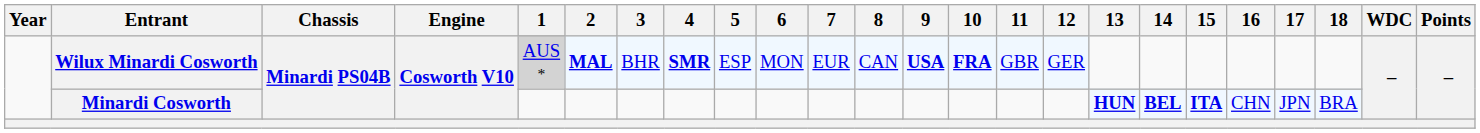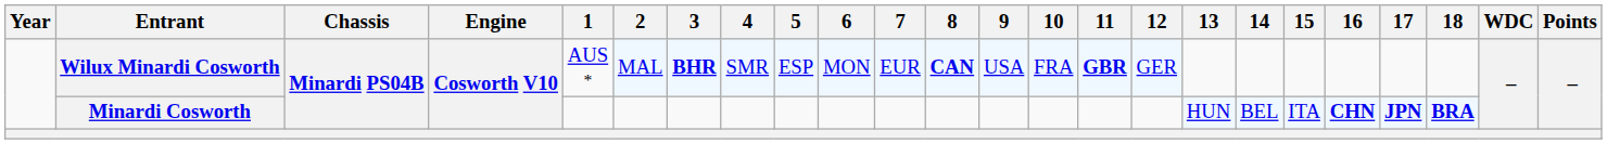 <table class="wikitable" style="text-align:center; font-size:90%">
 <tr>
 <th>Year</th>
 <th>Entrant</th>
 <th>Chassis</th>
 <th>Engine</th>
 <th>1</th>
 <th>2</th>
 <th>3</th>
 <th>4</th>
 <th>5</th>
 <th>6</th>
 <th>7</th>
 <th>8</th>
 <th>9</th>
 <th>10</th>
 <th>11</th>
 <th>12</th>
 <th>13</th>
 <th>14</th>
 <th>15</th>
 <th>16</th>
 <th>17</th>
 <th>18</th>
 <th>WDC</th>
 <th>Points</th>
 </tr>
 <tr>
 <td rowspan=2></td>
 <th><a href='#'>Wilux Minardi Cosworth</a></th>
 <th rowspan=2><a href='#'>Minardi</a> <a href='#'>PS04B</a></th>
 <th rowspan=2><a href='#'>Cosworth</a> <a href='#'>V10</a></th>
-<td style="background: lightgrey;"><a href='#'>AUS</a><br><small>*</small></td>
-<td style="background:#F0F8FF;"><strong><a href='#'>MAL</a><br></strong></td>
-<td style="background:#F0F8FF;"><a href='#'>BHR</a><br></td>
-<td style="background:#F0F8FF;"><strong><a href='#'>SMR</a><br></strong></td>
+<td><a href='#'>AUS</a><br><small>*</small></td>
+<td style="background:#F0F8FF;"><a href='#'>MAL</a><br></td>
+<td style="background:#F0F8FF;"><strong><a href='#'>BHR</a><br></strong></td>
+<td style="background:#F0F8FF;"><a href='#'>SMR</a><br></td>
 <td style="background:#F0F8FF;"><a href='#'>ESP</a><br></td>
 <td style="background:#F0F8FF;"><a href='#'>MON</a><br></td>
 <td style="background:#F0F8FF;"><a href='#'>EUR</a><br></td>
-<td style="background:#F0F8FF;"><a href='#'>CAN</a><br></td>
-<td style="background:#F0F8FF;"><strong><a href='#'>USA</a><br></strong></td>
-<td style="background:#F0F8FF;"><strong><a href='#'>FRA</a><br></strong></td>
-<td style="background:#F0F8FF;"><a href='#'>GBR</a><br></td>
+<td style="background:#F0F8FF;"><strong><a href='#'>CAN</a><br></strong></td>
+<td style="background:#F0F8FF;"><a href='#'>USA</a><br></td>
+<td style="background:#F0F8FF;"><a href='#'>FRA</a><br></td>
+<td style="background:#F0F8FF;"><strong><a href='#'>GBR</a><br></strong></td>
 <td style="background:#F0F8FF;"><a href='#'>GER</a><br></td>
 <td></td>
 <td></td>
 <td></td>
 <td></td>
 <td></td>
 <td></td>
 <th rowspan=2> –</th>
 <th rowspan=2> –</th>
 </tr>
 <tr>
 <th><a href='#'>Minardi Cosworth</a></th>
 <td></td>
 <td></td>
 <td></td>
 <td></td>
 <td></td>
 <td></td>
 <td></td>
 <td></td>
 <td></td>
 <td></td>
 <td></td>
 <td></td>
-<td style="background:#F0F8FF;"><strong><a href='#'>HUN</a><br></strong></td>
-<td style="background:#F0F8FF;"><strong><a href='#'>BEL</a><br></strong></td>
-<td style="background:#F0F8FF;"><strong><a href='#'>ITA</a><br></strong></td>
-<td style="background:#F0F8FF;"><a href='#'>CHN</a><br></td>
-<td style="background:#F0F8FF;"><a href='#'>JPN</a><br></td>
-<td style="background:#F0F8FF;"><a href='#'>BRA</a><br></td>
+<td style="background:#F0F8FF;"><a href='#'>HUN</a><br></td>
+<td style="background:#F0F8FF;"><a href='#'>BEL</a><br></td>
+<td style="background:#F0F8FF;"><a href='#'>ITA</a><br></td>
+<td style="background:#F0F8FF;"><strong><a href='#'>CHN</a><br></strong></td>
+<td style="background:#F0F8FF;"><strong><a href='#'>JPN</a><br></strong></td>
+<td style="background:#F0F8FF;"><strong><a href='#'>BRA</a><br></strong></td>
 </tr>
 <tr>
 <th colspan="24"></th>
 </tr>
 </table>
